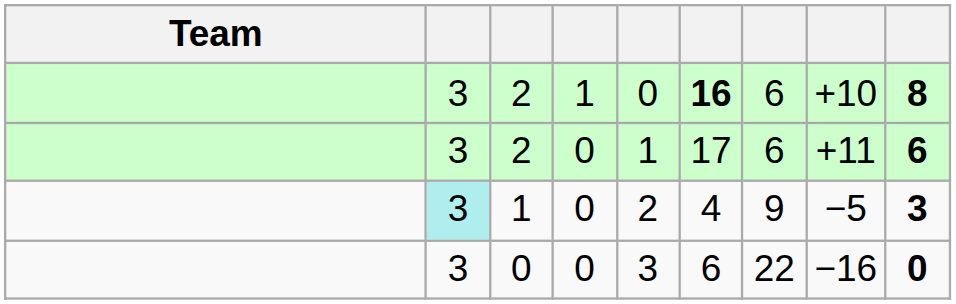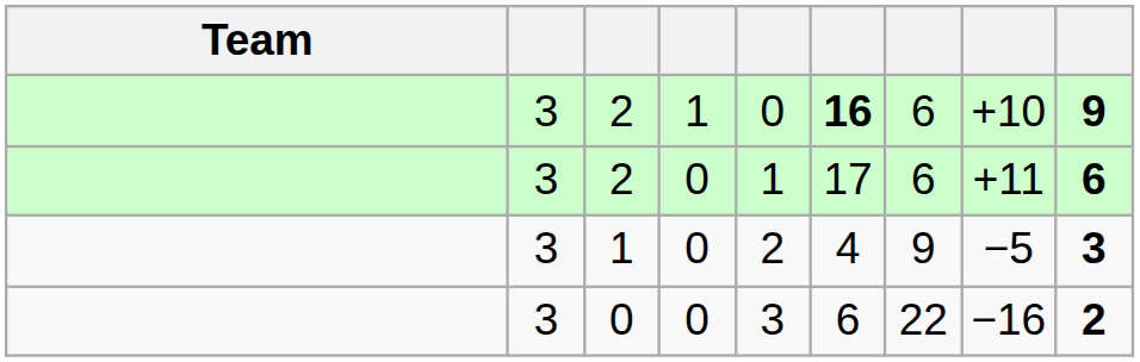 <table class="wikitable" style="text-align: center;">
 <tr>
 <th width="175">Team</th>
 <th width="20"></th>
 <th width="20"></th>
 <th width="20"></th>
 <th width="20"></th>
 <th width="20"></th>
 <th width="20"></th>
 <th width="20"></th>
 <th width="20"></th>
 </tr>
 <tr bgcolor="#ccffcc">
 <td align=left></td>
 <td>3</td>
 <td>2</td>
 <td>1</td>
 <td>0</td>
 <td><strong>16</strong></td>
 <td>6</td>
 <td>+10</td>
-<td><strong>8</strong></td>
+<td><strong>9</strong></td>
 </tr>
 <tr bgcolor="#ccffcc">
 <td align=left></td>
 <td>3</td>
 <td>2</td>
 <td>0</td>
 <td>1</td>
 <td>17</td>
 <td>6</td>
 <td>+11</td>
 <td><strong>6</strong></td>
 </tr>
 <tr>
 <td align=left></td>
-<td style="background: paleturquoise;">3</td>
+<td>3</td>
 <td>1</td>
 <td>0</td>
 <td>2</td>
 <td>4</td>
 <td>9</td>
 <td>−5</td>
 <td><strong>3</strong></td>
 </tr>
 <tr>
 <td align=left></td>
 <td>3</td>
 <td>0</td>
 <td>0</td>
 <td>3</td>
 <td>6</td>
 <td>22</td>
 <td>−16</td>
-<td><strong>0</strong></td>
+<td><strong>2</strong></td>
 </tr>
 </table>
